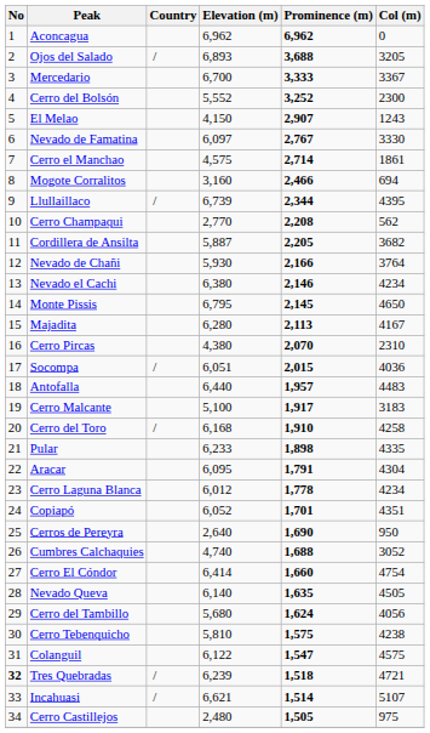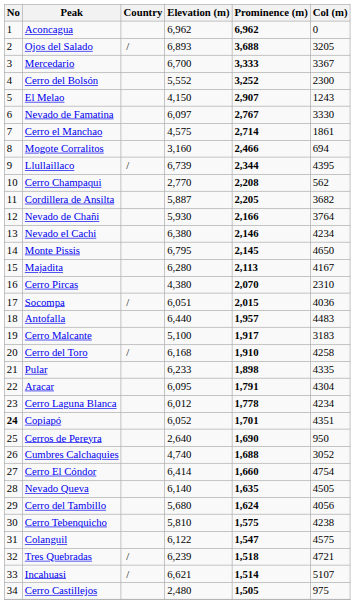 <table class="wikitable sortable">
 <tr>
 <th>No</th>
 <th>Peak</th>
 <th>Country</th>
 <th>Elevation (m)</th>
 <th>Prominence (m)</th>
 <th>Col (m)</th>
 </tr>
 <tr>
 <td>1</td>
 <td><a href='#'>Aconcagua</a></td>
 <td></td>
 <td>6,962</td>
 <td><strong>6,962</strong></td>
 <td>0</td>
 </tr>
 <tr>
 <td>2</td>
 <td><a href='#'>Ojos del Salado</a></td>
 <td> / </td>
 <td>6,893</td>
 <td><strong>3,688</strong></td>
 <td>3205</td>
 </tr>
 <tr>
 <td>3</td>
 <td><a href='#'>Mercedario</a></td>
 <td></td>
 <td>6,700</td>
 <td><strong>3,333</strong></td>
 <td>3367</td>
 </tr>
 <tr>
 <td>4</td>
 <td><a href='#'>Cerro del Bolsón</a></td>
 <td></td>
 <td>5,552</td>
 <td><strong>3,252</strong></td>
 <td>2300</td>
 </tr>
 <tr>
 <td>5</td>
 <td><a href='#'>El Melao</a></td>
 <td></td>
 <td>4,150</td>
 <td><strong>2,907</strong></td>
 <td>1243</td>
 </tr>
 <tr>
 <td>6</td>
 <td><a href='#'>Nevado de Famatina</a></td>
 <td></td>
 <td>6,097</td>
 <td><strong>2,767</strong></td>
 <td>3330</td>
 </tr>
 <tr>
 <td>7</td>
 <td><a href='#'>Cerro el Manchao</a></td>
 <td></td>
 <td>4,575</td>
 <td><strong>2,714</strong></td>
 <td>1861</td>
 </tr>
 <tr>
 <td>8</td>
 <td><a href='#'>Mogote Corralitos</a></td>
 <td></td>
 <td>3,160</td>
 <td><strong>2,466</strong></td>
 <td>694</td>
 </tr>
 <tr>
 <td>9</td>
 <td><a href='#'>Llullaillaco</a></td>
 <td> / </td>
 <td>6,739</td>
 <td><strong>2,344</strong></td>
 <td>4395</td>
 </tr>
 <tr>
 <td>10</td>
 <td><a href='#'>Cerro Champaqui</a></td>
 <td></td>
 <td>2,770</td>
 <td><strong>2,208</strong></td>
 <td>562</td>
 </tr>
 <tr>
 <td>11</td>
 <td><a href='#'>Cordillera de Ansilta</a></td>
 <td></td>
 <td>5,887</td>
 <td><strong>2,205</strong></td>
 <td>3682</td>
 </tr>
 <tr>
 <td>12</td>
 <td><a href='#'>Nevado de Chañi</a></td>
 <td></td>
 <td>5,930</td>
 <td><strong>2,166</strong></td>
 <td>3764</td>
 </tr>
 <tr>
 <td>13</td>
 <td><a href='#'>Nevado el Cachi</a></td>
 <td></td>
 <td>6,380</td>
 <td><strong>2,146</strong></td>
 <td>4234</td>
 </tr>
 <tr>
 <td>14</td>
 <td><a href='#'>Monte Pissis</a></td>
 <td></td>
 <td>6,795</td>
 <td><strong>2,145</strong></td>
 <td>4650</td>
 </tr>
 <tr>
 <td>15</td>
 <td><a href='#'>Majadita</a></td>
 <td></td>
 <td>6,280</td>
 <td><strong>2,113</strong></td>
 <td>4167</td>
 </tr>
 <tr>
 <td>16</td>
 <td><a href='#'>Cerro Pircas</a></td>
 <td></td>
 <td>4,380</td>
 <td><strong>2,070</strong></td>
 <td>2310</td>
 </tr>
 <tr>
 <td>17</td>
 <td><a href='#'>Socompa</a></td>
 <td> / </td>
 <td>6,051</td>
 <td><strong>2,015</strong></td>
 <td>4036</td>
 </tr>
 <tr>
 <td>18</td>
 <td><a href='#'>Antofalla</a></td>
 <td></td>
 <td>6,440</td>
 <td><strong>1,957</strong></td>
 <td>4483</td>
 </tr>
 <tr>
 <td>19</td>
 <td><a href='#'>Cerro Malcante</a></td>
 <td></td>
 <td>5,100</td>
 <td><strong>1,917</strong></td>
 <td>3183</td>
 </tr>
 <tr>
 <td>20</td>
 <td><a href='#'>Cerro del Toro</a></td>
 <td> / </td>
 <td>6,168</td>
 <td><strong>1,910</strong></td>
 <td>4258</td>
 </tr>
 <tr>
 <td>21</td>
 <td><a href='#'>Pular</a></td>
 <td></td>
 <td>6,233</td>
 <td><strong>1,898</strong></td>
 <td>4335</td>
 </tr>
 <tr>
 <td>22</td>
 <td><a href='#'>Aracar</a></td>
 <td></td>
 <td>6,095</td>
 <td><strong>1,791</strong></td>
 <td>4304</td>
 </tr>
 <tr>
 <td>23</td>
 <td><a href='#'>Cerro Laguna Blanca</a></td>
 <td></td>
 <td>6,012</td>
 <td><strong>1,778</strong></td>
 <td>4234</td>
 </tr>
 <tr>
-<td>24</td>
+<td><strong>24</strong></td>
 <td><a href='#'>Copiapó</a></td>
 <td></td>
 <td>6,052</td>
 <td><strong>1,701</strong></td>
 <td>4351</td>
 </tr>
 <tr>
 <td>25</td>
 <td><a href='#'>Cerros de Pereyra</a></td>
 <td></td>
 <td>2,640</td>
 <td><strong>1,690</strong></td>
 <td>950</td>
 </tr>
 <tr>
 <td>26</td>
 <td><a href='#'>Cumbres Calchaquies</a></td>
 <td></td>
 <td>4,740</td>
 <td><strong>1,688</strong></td>
 <td>3052</td>
 </tr>
 <tr>
 <td>27</td>
 <td><a href='#'>Cerro El Cóndor</a></td>
 <td></td>
 <td>6,414</td>
 <td><strong>1,660</strong></td>
 <td>4754</td>
 </tr>
 <tr>
 <td>28</td>
 <td><a href='#'>Nevado Queva</a></td>
 <td></td>
 <td>6,140</td>
 <td><strong>1,635</strong></td>
 <td>4505</td>
 </tr>
 <tr>
 <td>29</td>
 <td><a href='#'>Cerro del Tambillo</a></td>
 <td></td>
 <td>5,680</td>
 <td><strong>1,624</strong></td>
 <td>4056</td>
 </tr>
 <tr>
 <td>30</td>
 <td><a href='#'>Cerro Tebenquicho</a></td>
 <td></td>
 <td>5,810</td>
 <td><strong>1,575</strong></td>
 <td>4238</td>
 </tr>
 <tr>
 <td>31</td>
 <td><a href='#'>Colanguil</a></td>
 <td></td>
 <td>6,122</td>
 <td><strong>1,547</strong></td>
 <td>4575</td>
 </tr>
 <tr>
-<td><strong>32</strong></td>
+<td>32</td>
 <td><a href='#'>Tres Quebradas</a></td>
 <td> / </td>
 <td>6,239</td>
 <td><strong>1,518</strong></td>
 <td>4721</td>
 </tr>
 <tr>
 <td>33</td>
 <td><a href='#'>Incahuasi</a></td>
 <td> / </td>
 <td>6,621</td>
 <td><strong>1,514</strong></td>
 <td>5107</td>
 </tr>
 <tr>
 <td>34</td>
 <td><a href='#'>Cerro Castillejos</a></td>
 <td></td>
 <td>2,480</td>
 <td><strong>1,505</strong></td>
 <td>975</td>
 </tr>
 <tr>
 </tr>
 </table>
